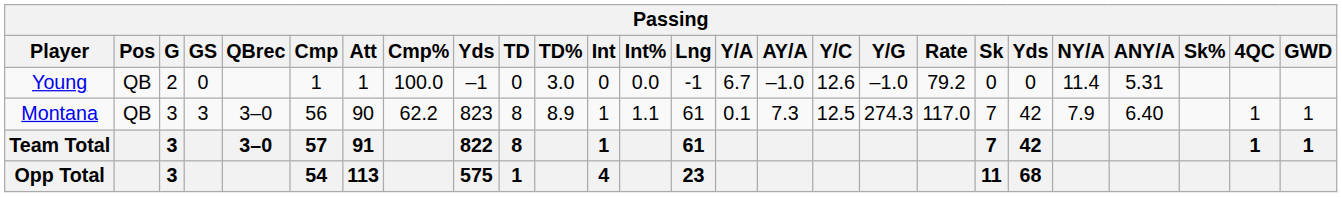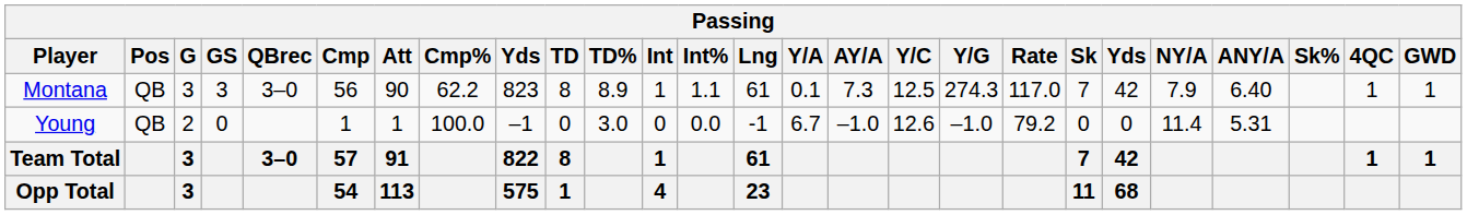 <table class="wikitable" style="text-align:center">
 <tr>
 <th colspan="26">Passing</th>
 </tr>
 <tr>
 <th>Player</th>
 <th>Pos</th>
 <th>G</th>
 <th>GS</th>
 <th>QBrec</th>
 <th>Cmp</th>
 <th>Att</th>
 <th>Cmp%</th>
 <th>Yds</th>
 <th>TD</th>
 <th>TD%</th>
 <th>Int</th>
 <th>Int%</th>
 <th>Lng</th>
 <th>Y/A</th>
 <th>AY/A</th>
 <th>Y/C</th>
 <th>Y/G</th>
 <th>Rate</th>
 <th>Sk</th>
 <th>Yds</th>
 <th>NY/A</th>
 <th>ANY/A</th>
 <th>Sk%</th>
 <th>4QC</th>
 <th>GWD</th>
 </tr>
 <tr>
+<td><a href='#'>Montana</a></td>
+<td>QB</td>
+<td>3</td>
+<td>3</td>
+<td>3–0</td>
+<td>56</td>
+<td>90</td>
+<td>62.2</td>
+<td>823</td>
+<td>8</td>
+<td>8.9</td>
+<td>1</td>
+<td>1.1</td>
+<td>61</td>
+<td>0.1</td>
+<td>7.3</td>
+<td>12.5</td>
+<td>274.3</td>
+<td>117.0</td>
+<td>7</td>
+<td>42</td>
+<td>7.9</td>
+<td>6.40</td>
+<td></td>
+<td>1</td>
+<td>1</td>
+</tr>
+<tr>
 <td><a href='#'>Young</a></td>
 <td>QB</td>
 <td>2</td>
 <td>0</td>
 <td></td>
 <td>1</td>
 <td>1</td>
 <td>100.0</td>
 <td>–1</td>
 <td>0</td>
 <td>3.0</td>
 <td>0</td>
 <td>0.0</td>
 <td>-1</td>
 <td>6.7</td>
 <td>–1.0</td>
 <td>12.6</td>
 <td>–1.0</td>
 <td>79.2</td>
 <td>0</td>
 <td>0</td>
 <td>11.4</td>
 <td>5.31</td>
 <td></td>
 <td></td>
 <td></td>
-</tr>
-<tr>
-<td><a href='#'>Montana</a></td>
-<td>QB</td>
-<td>3</td>
-<td>3</td>
-<td>3–0</td>
-<td>56</td>
-<td>90</td>
-<td>62.2</td>
-<td>823</td>
-<td>8</td>
-<td>8.9</td>
-<td>1</td>
-<td>1.1</td>
-<td>61</td>
-<td>0.1</td>
-<td>7.3</td>
-<td>12.5</td>
-<td>274.3</td>
-<td>117.0</td>
-<td>7</td>
-<td>42</td>
-<td>7.9</td>
-<td>6.40</td>
-<td></td>
-<td>1</td>
-<td>1</td>
 </tr>
 <tr>
 <th>Team Total</th>
 <th></th>
 <th>3</th>
 <th></th>
 <th>3–0</th>
 <th>57</th>
 <th>91</th>
 <th></th>
 <th>822</th>
 <th>8</th>
 <th></th>
 <th>1</th>
 <th></th>
 <th>61</th>
 <th></th>
 <th></th>
 <th></th>
 <th></th>
 <th></th>
 <th>7</th>
 <th>42</th>
 <th></th>
 <th></th>
 <th></th>
 <th>1</th>
 <th>1</th>
 </tr>
 <tr>
 <th>Opp Total</th>
 <th></th>
 <th>3</th>
 <th></th>
 <th></th>
 <th>54</th>
 <th>113</th>
 <th></th>
 <th>575</th>
 <th>1</th>
 <th></th>
 <th>4</th>
 <th></th>
 <th>23</th>
 <th></th>
 <th></th>
 <th></th>
 <th></th>
 <th></th>
 <th>11</th>
 <th>68</th>
 <th></th>
 <th></th>
 <th></th>
 <th></th>
 <th></th>
 </tr>
 </table>
